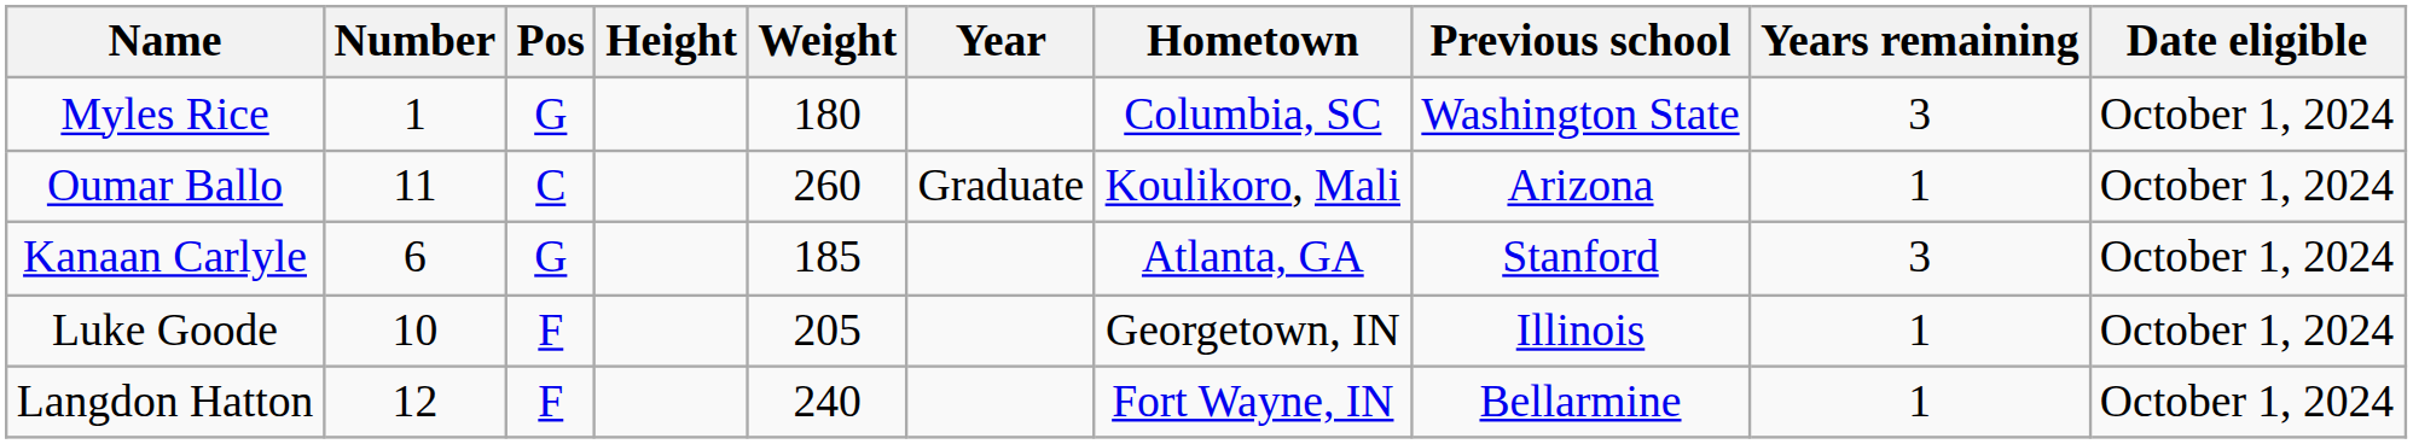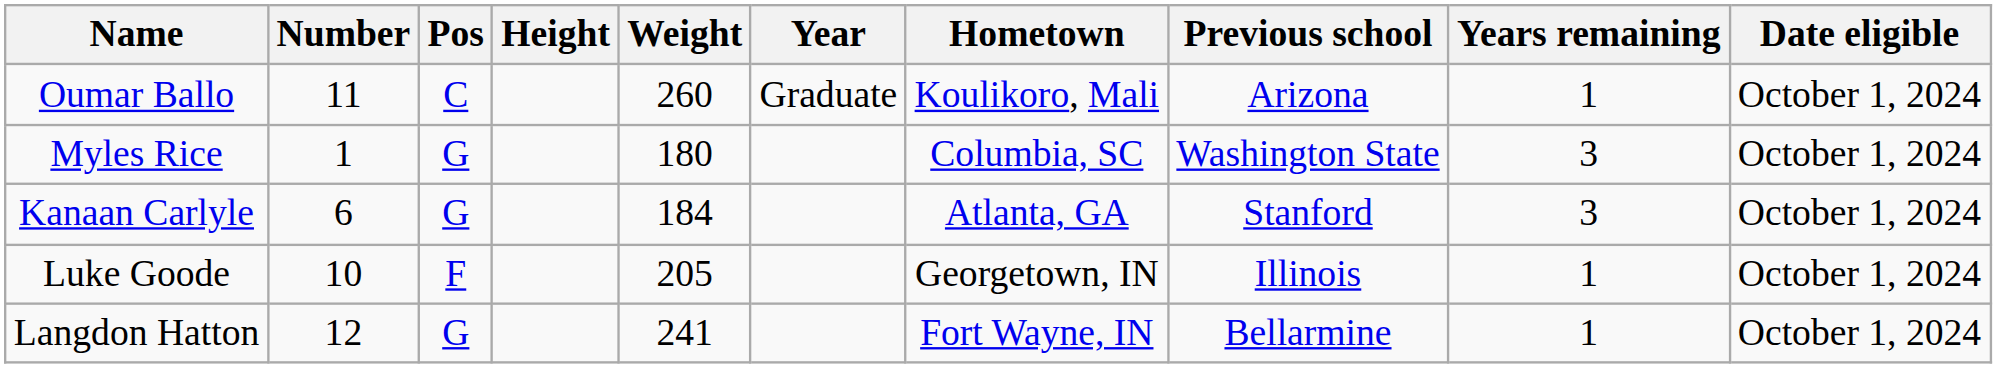 <table class="wikitable sortable sortable" style="text-align: center">
 <tr align="center">
 <th>Name</th>
 <th>Number</th>
 <th>Pos</th>
 <th>Height</th>
 <th>Weight</th>
 <th>Year</th>
 <th>Hometown</th>
 <th>Previous school</th>
 <th>Years remaining</th>
 <th>Date eligible</th>
 </tr>
 <tr>
+<td><a href='#'>Oumar Ballo</a></td>
+<td>11</td>
+<td><a href='#'>C</a></td>
+<td></td>
+<td>260</td>
+<td>Graduate</td>
+<td><a href='#'>Koulikoro</a>, <a href='#'>Mali</a></td>
+<td><a href='#'>Arizona</a></td>
+<td>1</td>
+<td>October 1, 2024</td>
+</tr>
+<tr>
 <td><a href='#'>Myles Rice</a></td>
 <td>1</td>
 <td><a href='#'>G</a></td>
 <td></td>
 <td>180</td>
 <td></td>
 <td><a href='#'>Columbia, SC</a></td>
 <td><a href='#'>Washington State</a></td>
 <td>3</td>
 <td>October 1, 2024</td>
 </tr>
 <tr>
-<td><a href='#'>Oumar Ballo</a></td>
-<td>11</td>
-<td><a href='#'>C</a></td>
-<td></td>
-<td>260</td>
-<td>Graduate</td>
-<td><a href='#'>Koulikoro</a>, <a href='#'>Mali</a></td>
-<td><a href='#'>Arizona</a></td>
-<td>1</td>
-<td>October 1, 2024</td>
-</tr>
-<tr>
 <td><a href='#'>Kanaan Carlyle</a></td>
 <td>6</td>
 <td><a href='#'>G</a></td>
 <td></td>
-<td>185</td>
+<td>184</td>
 <td></td>
 <td><a href='#'>Atlanta, GA</a></td>
 <td><a href='#'>Stanford</a></td>
 <td>3</td>
 <td>October 1, 2024</td>
 </tr>
 <tr>
 <td>Luke Goode</td>
 <td>10</td>
 <td><a href='#'>F</a></td>
 <td></td>
 <td>205</td>
 <td></td>
 <td>Georgetown, IN</td>
 <td><a href='#'>Illinois</a></td>
 <td>1</td>
 <td>October 1, 2024</td>
 </tr>
 <tr>
 <td>Langdon Hatton</td>
 <td>12</td>
-<td><a href='#'>F</a></td>
+<td><a href='#'>G</a></td>
 <td></td>
-<td>240</td>
+<td>241</td>
 <td></td>
 <td><a href='#'>Fort Wayne, IN</a></td>
 <td><a href='#'>Bellarmine</a></td>
 <td>1</td>
 <td>October 1, 2024</td>
 </tr>
 </table>
